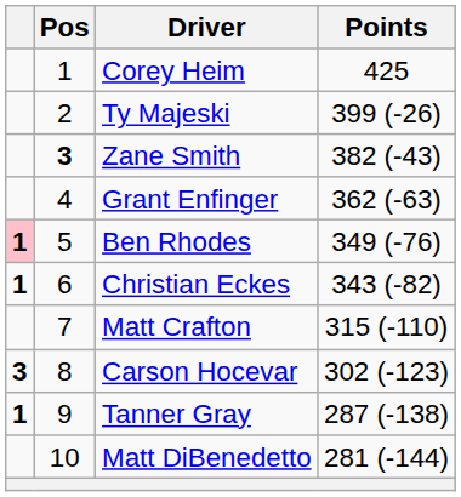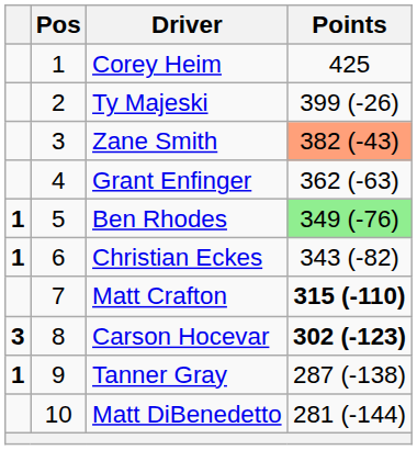 <table class="wikitable" style="font-size: 95%;">
 <tr>
 <th></th>
 <th>Pos</th>
 <th>Driver</th>
 <th>Points</th>
 </tr>
 <tr>
 <td align="left"></td>
 <td style="text-align:center;">1</td>
 <td><a href='#'>Corey Heim</a></td>
 <td style="text-align:center;">425</td>
 </tr>
 <tr>
 <td align="left"></td>
 <td style="text-align:center;">2</td>
 <td><a href='#'>Ty Majeski</a></td>
 <td style="text-align:center;">399 (-26)</td>
 </tr>
 <tr>
 <td align="left"></td>
-<td style="text-align:center;"><strong>3</strong></td>
+<td style="text-align:center;">3</td>
 <td><a href='#'>Zane Smith</a></td>
-<td style="text-align:center;">382 (-43)</td>
+<td style="background: lightsalmon; text-align:center;">382 (-43)</td>
 </tr>
 <tr>
 <td align="left"></td>
 <td style="text-align:center;">4</td>
 <td><a href='#'>Grant Enfinger</a></td>
 <td style="text-align:center;">362 (-63)</td>
 </tr>
 <tr>
-<td align="left" style="background: pink;"> <strong>1</strong></td>
+<td align="left"> <strong>1</strong></td>
 <td style="text-align:center;">5</td>
 <td><a href='#'>Ben Rhodes</a></td>
-<td style="text-align:center;">349 (-76)</td>
+<td style="background: lightgreen; text-align:center;">349 (-76)</td>
 </tr>
 <tr>
 <td align="left"> <strong>1</strong></td>
 <td style="text-align:center;">6</td>
 <td><a href='#'>Christian Eckes</a></td>
 <td style="text-align:center;">343 (-82)</td>
 </tr>
 <tr>
 <td align="left"></td>
 <td style="text-align:center;">7</td>
 <td><a href='#'>Matt Crafton</a></td>
-<td style="text-align:center;">315 (-110)</td>
+<td style="text-align:center;"><strong>315 (-110)</strong></td>
 </tr>
 <tr>
 <td align="left"> <strong>3</strong></td>
 <td style="text-align:center;">8</td>
 <td><a href='#'>Carson Hocevar</a></td>
-<td style="text-align:center;">302 (-123)</td>
+<td style="text-align:center;"><strong>302 (-123)</strong></td>
 </tr>
 <tr>
 <td align="left"> <strong>1</strong></td>
 <td style="text-align:center;">9</td>
 <td><a href='#'>Tanner Gray</a></td>
 <td style="text-align:center;">287 (-138)</td>
 </tr>
 <tr>
 <td align="left"></td>
 <td style="text-align:center;">10</td>
 <td><a href='#'>Matt DiBenedetto</a></td>
 <td style="text-align:center;">281 (-144)</td>
 </tr>
 <tr class="sortbottom">
 <th colspan="9"></th>
 </tr>
 </table>
